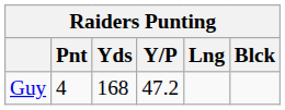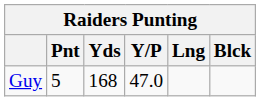 <table class="wikitable">
 <tr>
 <th colspan="6">Raiders Punting</th>
 </tr>
 <tr>
 <th></th>
 <th>Pnt</th>
 <th>Yds</th>
 <th>Y/P</th>
 <th>Lng</th>
 <th>Blck</th>
 </tr>
 <tr>
 <td><a href='#'>Guy</a></td>
-<td>4</td>
+<td>5</td>
 <td>168</td>
-<td>47.2</td>
+<td>47.0</td>
 <td></td>
 <td></td>
 </tr>
 </table>
